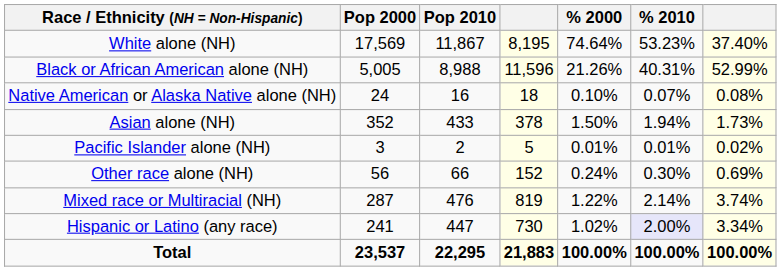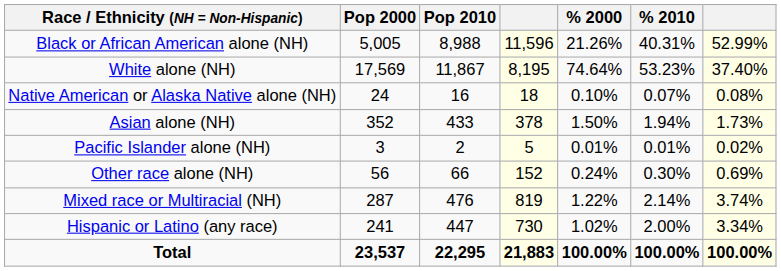 <table class="wikitable" style="text-align:center;">
 <tr>
 <th>Race / Ethnicity <small>(<em>NH = Non-Hispanic</em>)</small></th>
 <th>Pop 2000</th>
 <th>Pop 2010</th>
 <th></th>
 <th>% 2000</th>
 <th>% 2010</th>
 <th></th>
 </tr>
 <tr>
+<td><a href='#'>Black or African American</a> alone (NH)</td>
+<td>5,005</td>
+<td>8,988</td>
+<td style='background: #ffffe6;'>11,596</td>
+<td>21.26%</td>
+<td>40.31%</td>
+<td style='background: #ffffe6;'>52.99%</td>
+</tr>
+<tr>
 <td><a href='#'>White</a> alone (NH)</td>
 <td>17,569</td>
 <td>11,867</td>
 <td style='background: #ffffe6;'>8,195</td>
 <td>74.64%</td>
 <td>53.23%</td>
 <td style='background: #ffffe6;'>37.40%</td>
-</tr>
-<tr>
-<td><a href='#'>Black or African American</a> alone (NH)</td>
-<td>5,005</td>
-<td>8,988</td>
-<td style='background: #ffffe6;'>11,596</td>
-<td>21.26%</td>
-<td>40.31%</td>
-<td style='background: #ffffe6;'>52.99%</td>
 </tr>
 <tr>
 <td><a href='#'>Native American</a> or <a href='#'>Alaska Native</a> alone (NH)</td>
 <td>24</td>
 <td>16</td>
 <td style='background: #ffffe6;'>18</td>
 <td>0.10%</td>
 <td>0.07%</td>
 <td style='background: #ffffe6;'>0.08%</td>
 </tr>
 <tr>
 <td><a href='#'>Asian</a> alone (NH)</td>
 <td>352</td>
 <td>433</td>
 <td style='background: #ffffe6;'>378</td>
 <td>1.50%</td>
 <td>1.94%</td>
 <td style='background: #ffffe6;'>1.73%</td>
 </tr>
 <tr>
 <td><a href='#'>Pacific Islander</a> alone (NH)</td>
 <td>3</td>
 <td>2</td>
 <td style='background: #ffffe6;'>5</td>
 <td>0.01%</td>
 <td>0.01%</td>
 <td style='background: #ffffe6;'>0.02%</td>
 </tr>
 <tr>
 <td><a href='#'>Other race</a> alone (NH)</td>
 <td>56</td>
 <td>66</td>
 <td style='background: #ffffe6;'>152</td>
 <td>0.24%</td>
 <td>0.30%</td>
 <td style='background: #ffffe6;'>0.69%</td>
 </tr>
 <tr>
 <td><a href='#'>Mixed race or Multiracial</a> (NH)</td>
 <td>287</td>
 <td>476</td>
 <td style='background: #ffffe6;'>819</td>
 <td>1.22%</td>
 <td>2.14%</td>
 <td style='background: #ffffe6;'>3.74%</td>
 </tr>
 <tr>
 <td><a href='#'>Hispanic or Latino</a> (any race)</td>
 <td>241</td>
 <td>447</td>
 <td style='background: #ffffe6;'>730</td>
 <td>1.02%</td>
-<td style="background: lavender;">2.00%</td>
+<td>2.00%</td>
 <td style='background: #ffffe6;'>3.34%</td>
 </tr>
 <tr>
 <td><strong>Total</strong></td>
 <td><strong>23,537</strong></td>
 <td><strong>22,295</strong></td>
 <td style='background: #ffffe6;'><strong>21,883</strong></td>
 <td><strong>100.00%</strong></td>
 <td><strong>100.00%</strong></td>
 <td style='background: #ffffe6;'><strong>100.00%</strong></td>
 </tr>
 </table>
